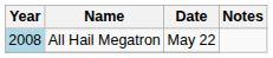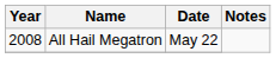 <table class="wikitable">
 <tr>
 <th>Year</th>
 <th>Name</th>
 <th>Date</th>
 <th>Notes</th>
 </tr>
 <tr>
-<td style="background: lightblue;">2008</td>
+<td>2008</td>
 <td>All Hail Megatron</td>
 <td>May 22</td>
 </tr>
 <tr>
 </tr>
 </table>
